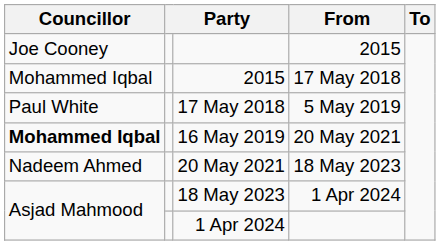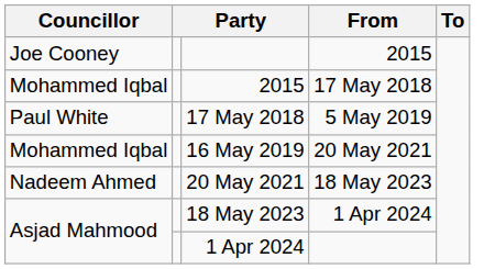 <table class=wikitable>
 <tr>
 <th>Councillor</th>
 <th colspan=2>Party</th>
 <th>From</th>
 <th>To</th>
 </tr>
 <tr>
 <td>Joe Cooney</td>
 <td></td>
 <td align=right></td>
 <td align=right>2015</td>
 </tr>
 <tr>
 <td>Mohammed Iqbal</td>
 <td></td>
 <td align=right>2015</td>
 <td align=right>17 May 2018</td>
 </tr>
 <tr>
 <td>Paul White</td>
 <td></td>
 <td align=right>17 May 2018</td>
 <td align=right>5 May 2019</td>
 </tr>
 <tr>
-<td><strong>Mohammed Iqbal</strong></td>
+<td>Mohammed Iqbal</td>
 <td></td>
 <td align=right>16 May 2019</td>
 <td align=right>20 May 2021</td>
 </tr>
 <tr>
 <td>Nadeem Ahmed</td>
 <td></td>
 <td align=right>20 May 2021</td>
 <td align=right>18 May 2023</td>
 </tr>
 <tr>
 <td rowspan=2>Asjad Mahmood</td>
 <td></td>
 <td align=right>18 May 2023</td>
 <td align=right>1 Apr 2024</td>
 </tr>
 <tr>
 <td></td>
 <td align=right>1 Apr 2024</td>
 <td align=right></td>
 </tr>
 </table>
